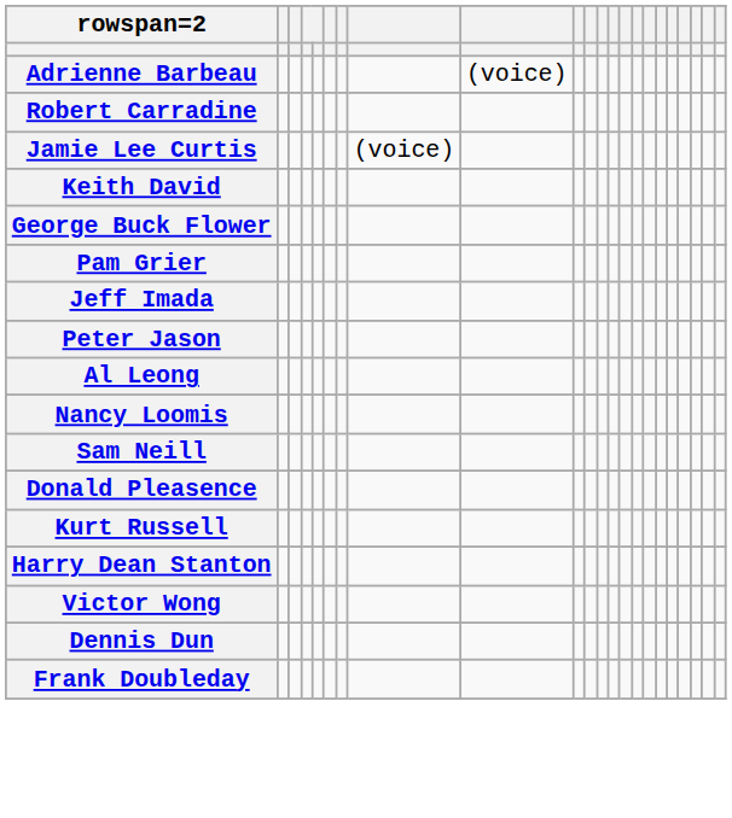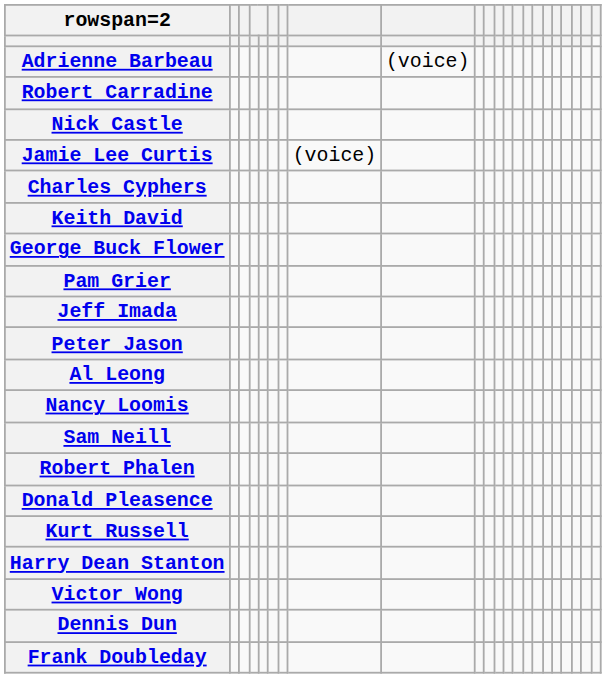 <table class="wikitable" style="text-align:center;font-size:85%;vertical-align:bottom;">
 <tr>
 <th>rowspan=2 </th>
 <th></th>
 <th></th>
 <th colspan=2></th>
 <th></th>
 <th></th>
 <th></th>
 <th></th>
 <th></th>
 <th></th>
 <th></th>
 <th></th>
 <th></th>
 <th></th>
 <th></th>
 <th></th>
 <th></th>
 <th></th>
 <th></th>
 <th></th>
 <th></th>
 </tr>
 <tr>
 <th></th>
 <th></th>
 <th></th>
 <th></th>
 <th></th>
 <th></th>
 <th></th>
 <th></th>
 <th></th>
 <th></th>
 <th></th>
 <th></th>
 <th></th>
 <th></th>
 <th></th>
 <th></th>
 <th></th>
 <th></th>
 <th></th>
 <th></th>
 <th></th>
 </tr>
 <tr>
 <th><a href='#'>Adrienne Barbeau</a></th>
 <td></td>
 <td></td>
 <td></td>
 <td></td>
 <td></td>
 <td></td>
 <td></td>
 <td>(voice)</td>
 <td></td>
 <td></td>
 <td></td>
 <td></td>
 <td></td>
 <td></td>
 <td></td>
 <td></td>
 <td></td>
 <td></td>
 <td></td>
 <td></td>
 <td></td>
 </tr>
 <tr>
 <th><a href='#'>Robert Carradine</a></th>
 <td></td>
 <td></td>
 <td></td>
 <td></td>
 <td></td>
 <td></td>
 <td></td>
 <td></td>
 <td></td>
 <td></td>
 <td></td>
 <td></td>
 <td></td>
 <td></td>
 <td></td>
 <td></td>
 <td></td>
 <td></td>
 <td></td>
 <td></td>
 <td></td>
 </tr>
 <tr>
+<th><a href='#'>Nick Castle</a></th>
+<td></td>
+<td></td>
+<td></td>
+<td></td>
+<td></td>
+<td></td>
+<td></td>
+<td></td>
+<td></td>
+<td></td>
+<td></td>
+<td></td>
+<td></td>
+<td></td>
+<td></td>
+<td></td>
+<td></td>
+<td></td>
+<td></td>
+<td></td>
+<td></td>
+</tr>
+<tr>
 <th><a href='#'>Jamie Lee Curtis</a></th>
 <td></td>
 <td></td>
 <td></td>
 <td></td>
 <td></td>
 <td></td>
 <td>(voice)</td>
+<td></td>
+<td></td>
+<td></td>
+<td></td>
+<td></td>
+<td></td>
+<td></td>
+<td></td>
+<td></td>
+<td></td>
+<td></td>
+<td></td>
+<td></td>
+<td></td>
+</tr>
+<tr>
+<th><a href='#'>Charles Cyphers</a></th>
+<td></td>
+<td></td>
+<td></td>
+<td></td>
+<td></td>
+<td></td>
+<td></td>
 <td></td>
 <td></td>
 <td></td>
 <td></td>
 <td></td>
 <td></td>
 <td></td>
 <td></td>
 <td></td>
 <td></td>
 <td></td>
 <td></td>
 <td></td>
 <td></td>
 </tr>
 <tr>
 <th><a href='#'>Keith David</a></th>
 <td></td>
 <td></td>
 <td></td>
 <td></td>
 <td></td>
 <td></td>
 <td></td>
 <td></td>
 <td></td>
 <td></td>
 <td></td>
 <td></td>
 <td></td>
 <td></td>
 <td></td>
 <td></td>
 <td></td>
 <td></td>
 <td></td>
 <td></td>
 <td></td>
 </tr>
 <tr>
 <th><a href='#'>George Buck Flower</a></th>
 <td></td>
 <td></td>
 <td></td>
 <td></td>
 <td></td>
 <td></td>
 <td></td>
 <td></td>
 <td></td>
 <td></td>
 <td></td>
 <td></td>
 <td></td>
 <td></td>
 <td></td>
 <td></td>
 <td></td>
 <td></td>
 <td></td>
 <td></td>
 <td></td>
 </tr>
 <tr>
 <th><a href='#'>Pam Grier</a></th>
 <td></td>
 <td></td>
 <td></td>
 <td></td>
 <td></td>
 <td></td>
 <td></td>
 <td></td>
 <td></td>
 <td></td>
 <td></td>
 <td></td>
 <td></td>
 <td></td>
 <td></td>
 <td></td>
 <td></td>
 <td></td>
 <td></td>
 <td></td>
 <td></td>
 </tr>
 <tr>
 <th><a href='#'>Jeff Imada</a></th>
 <td></td>
 <td></td>
 <td></td>
 <td></td>
 <td></td>
 <td></td>
 <td></td>
 <td></td>
 <td></td>
 <td></td>
 <td></td>
 <td></td>
 <td></td>
 <td></td>
 <td></td>
 <td></td>
 <td></td>
 <td></td>
 <td></td>
 <td></td>
 <td></td>
 </tr>
 <tr>
 <th><a href='#'>Peter Jason</a></th>
 <td></td>
 <td></td>
 <td></td>
 <td></td>
 <td></td>
 <td></td>
 <td></td>
 <td></td>
 <td></td>
 <td></td>
 <td></td>
 <td></td>
 <td></td>
 <td></td>
 <td></td>
 <td></td>
 <td></td>
 <td></td>
 <td></td>
 <td></td>
 <td></td>
 </tr>
 <tr>
 <th><a href='#'>Al Leong</a></th>
 <td></td>
 <td></td>
 <td></td>
 <td></td>
 <td></td>
 <td></td>
 <td></td>
 <td></td>
 <td></td>
 <td></td>
 <td></td>
 <td></td>
 <td></td>
 <td></td>
 <td></td>
 <td></td>
 <td></td>
 <td></td>
 <td></td>
 <td></td>
 <td></td>
 </tr>
 <tr>
 <th><a href='#'>Nancy Loomis</a></th>
 <td></td>
 <td></td>
 <td></td>
 <td></td>
 <td></td>
 <td></td>
 <td></td>
 <td></td>
 <td></td>
 <td></td>
 <td></td>
 <td></td>
 <td></td>
 <td></td>
 <td></td>
 <td></td>
 <td></td>
 <td></td>
 <td></td>
 <td></td>
 <td></td>
 </tr>
 <tr>
 <th><a href='#'>Sam Neill</a></th>
 <td></td>
 <td></td>
 <td></td>
 <td></td>
 <td></td>
 <td></td>
 <td></td>
 <td></td>
 <td></td>
 <td></td>
 <td></td>
 <td></td>
 <td></td>
 <td></td>
 <td></td>
 <td></td>
 <td></td>
 <td></td>
 <td></td>
 <td></td>
 <td></td>
 </tr>
 <tr>
+<th><a href='#'>Robert Phalen</a></th>
+<td></td>
+<td></td>
+<td></td>
+<td></td>
+<td></td>
+<td></td>
+<td></td>
+<td></td>
+<td></td>
+<td></td>
+<td></td>
+<td></td>
+<td></td>
+<td></td>
+<td></td>
+<td></td>
+<td></td>
+<td></td>
+<td></td>
+<td></td>
+<td></td>
+</tr>
+<tr>
 <th><a href='#'>Donald Pleasence</a></th>
 <td></td>
 <td></td>
 <td></td>
 <td></td>
 <td></td>
 <td></td>
 <td></td>
 <td></td>
 <td></td>
 <td></td>
 <td></td>
 <td></td>
 <td></td>
 <td></td>
 <td></td>
 <td></td>
 <td></td>
 <td></td>
 <td></td>
 <td></td>
 <td></td>
 </tr>
 <tr>
 <th><a href='#'>Kurt Russell</a></th>
 <td></td>
 <td></td>
 <td></td>
 <td></td>
 <td></td>
 <td></td>
 <td></td>
 <td></td>
 <td></td>
 <td></td>
 <td></td>
 <td></td>
 <td></td>
 <td></td>
 <td></td>
 <td></td>
 <td></td>
 <td></td>
 <td></td>
 <td></td>
 <td></td>
 </tr>
 <tr>
 <th><a href='#'>Harry Dean Stanton</a></th>
 <td></td>
 <td></td>
 <td></td>
 <td></td>
 <td></td>
 <td></td>
 <td></td>
 <td></td>
 <td></td>
 <td></td>
 <td></td>
 <td></td>
 <td></td>
 <td></td>
 <td></td>
 <td></td>
 <td></td>
 <td></td>
 <td></td>
 <td></td>
 <td></td>
 </tr>
 <tr>
 <th><a href='#'>Victor Wong</a></th>
 <td></td>
 <td></td>
 <td></td>
 <td></td>
 <td></td>
 <td></td>
 <td></td>
 <td></td>
 <td></td>
 <td></td>
 <td></td>
 <td></td>
 <td></td>
 <td></td>
 <td></td>
 <td></td>
 <td></td>
 <td></td>
 <td></td>
 <td></td>
 <td></td>
 </tr>
 <tr>
 <th><a href='#'>Dennis Dun</a></th>
 <td></td>
 <td></td>
 <td></td>
 <td></td>
 <td></td>
 <td></td>
 <td></td>
 <td></td>
 <td></td>
 <td></td>
 <td></td>
 <td></td>
 <td></td>
 <td></td>
 <td></td>
 <td></td>
 <td></td>
 <td></td>
 <td></td>
 <td></td>
 <td></td>
 </tr>
 <tr>
 <th><a href='#'>Frank Doubleday</a></th>
 <td></td>
 <td></td>
 <td></td>
 <td></td>
 <td></td>
 <td></td>
 <td></td>
 <td></td>
 <td></td>
 <td></td>
 <td></td>
 <td></td>
 <td></td>
 <td></td>
 <td></td>
 <td></td>
 <td></td>
 <td></td>
 <td></td>
 <td></td>
 <td></td>
 </tr>
 </table>
